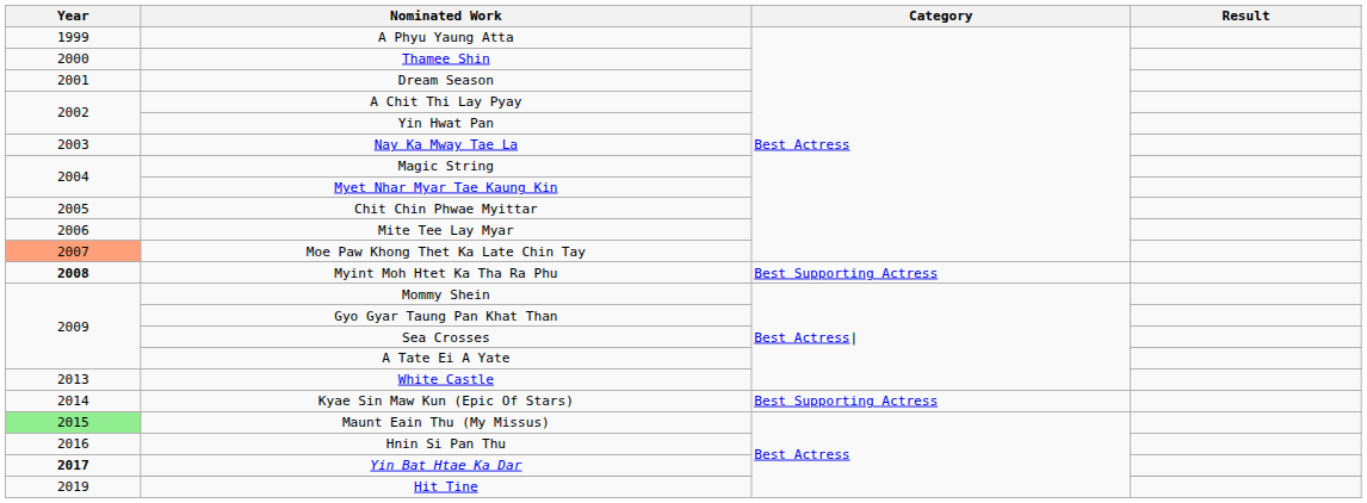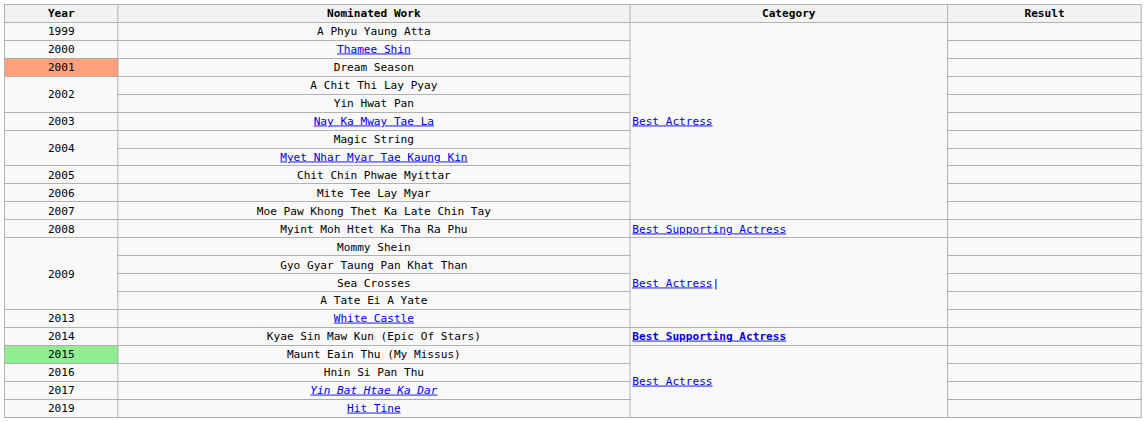 <table class="wikitable"  style="font-size:95%; width:100%;">
 <tr>
 <th style="width:10%;">Year</th>
 <th style="width:45%;">Nominated Work</th>
 <th style="width:28%;">Category</th>
 <th style="width:17%;">Result</th>
 </tr>
 <tr>
 <td style="text-align:center;">1999</td>
 <td style="text-align:center;">A Phyu Yaung Atta</td>
 <td rowspan="11"><a href='#'>Best Actress</a></td>
 <td></td>
 </tr>
 <tr>
 <td style="text-align:center;">2000</td>
 <td style="text-align:center;"><a href='#'>Thamee Shin</a></td>
 <td></td>
 </tr>
 <tr>
-<td style="text-align:center;">2001</td>
+<td style="background: lightsalmon; text-align:center;">2001</td>
 <td style="text-align:center;">Dream Season</td>
 <td></td>
 </tr>
 <tr>
 <td rowspan="2" style="text-align:center;">2002</td>
 <td style="text-align:center;">A Chit Thi Lay Pyay</td>
 <td></td>
 </tr>
 <tr>
 <td style="text-align:center;">Yin Hwat Pan</td>
 <td></td>
 </tr>
 <tr>
 <td style="text-align:center;">2003</td>
 <td style="text-align:center;"><a href='#'>Nay Ka Mway Tae La</a></td>
 <td></td>
 </tr>
 <tr>
 <td rowspan="2" style="text-align:center;">2004</td>
 <td style="text-align:center;">Magic String</td>
 <td></td>
 </tr>
 <tr>
 <td style="text-align:center;"><a href='#'>Myet Nhar Myar Tae Kaung Kin</a></td>
 <td></td>
 </tr>
 <tr>
 <td style="text-align:center;">2005</td>
 <td style="text-align:center;">Chit Chin Phwae Myittar</td>
 <td></td>
 </tr>
 <tr>
 <td style="text-align:center;">2006</td>
 <td style="text-align:center;">Mite Tee Lay Myar</td>
 <td></td>
 </tr>
 <tr>
-<td style="background: lightsalmon; text-align:center;">2007</td>
+<td style="text-align:center;">2007</td>
 <td style="text-align:center;">Moe Paw Khong Thet Ka Late Chin Tay</td>
 <td></td>
 </tr>
 <tr>
-<td style="text-align:center;"><strong>2008</strong></td>
+<td style="text-align:center;">2008</td>
 <td style="text-align:center;">Myint Moh Htet Ka Tha Ra Phu</td>
 <td><a href='#'>Best Supporting Actress</a></td>
 <td></td>
 </tr>
 <tr>
 <td rowspan="4" style="text-align:center;">2009</td>
 <td style="text-align:center;">Mommy Shein</td>
 <td rowspan="5"><a href='#'>Best Actress</a>|</td>
 <td></td>
 </tr>
 <tr>
 <td style="text-align:center;">Gyo Gyar Taung Pan Khat Than</td>
 <td></td>
 </tr>
 <tr>
 <td style="text-align:center;">Sea Crosses</td>
 <td></td>
 </tr>
 <tr>
 <td style="text-align:center;">A Tate Ei A Yate</td>
 <td></td>
 </tr>
 <tr>
 <td style="text-align:center;">2013</td>
 <td style="text-align:center;"><a href='#'>White Castle</a></td>
 <td></td>
 </tr>
 <tr>
 <td style="text-align:center;">2014</td>
 <td style="text-align:center;">Kyae Sin Maw Kun (Epic Of Stars)</td>
-<td><a href='#'>Best Supporting Actress</a></td>
+<td><strong><a href='#'>Best Supporting Actress</a></strong></td>
 <td></td>
 </tr>
 <tr>
 <td style="background: lightgreen; text-align:center;">2015</td>
 <td style="text-align:center;">Maunt Eain Thu (My Missus)</td>
 <td rowspan="8"><a href='#'>Best Actress</a></td>
 <td></td>
 </tr>
 <tr>
 <td style="text-align:center;">2016</td>
 <td style="text-align:center;">Hnin Si Pan Thu</td>
 <td></td>
 </tr>
 <tr>
-<td style="text-align:center;"><strong>2017</strong></td>
+<td style="text-align:center;">2017</td>
 <td style="text-align:center;"><em><a href='#'>Yin Bat Htae Ka Dar</a></em></td>
 <td></td>
 </tr>
 <tr>
 <td rowspan="6" style="text-align:center;">2019</td>
 </tr>
 <tr>
 <td style="text-align:center;"><a href='#'>Hit Tine</a></td>
 <td></td>
 </tr>
 </table>
